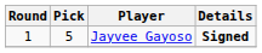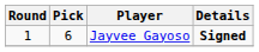 <table class="wikitable sortable sortable">
 <tr>
 <th>Round</th>
 <th>Pick</th>
 <th>Player</th>
 <th>Details</th>
 </tr>
 <tr style="text-align: center">
 <td>1</td>
-<td>5</td>
+<td>6</td>
 <td><a href='#'>Jayvee Gayoso</a></td>
 <td><strong>Signed</strong></td>
 </tr>
 <tr>
 </tr>
 </table>
